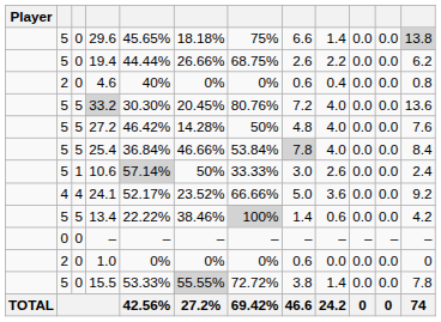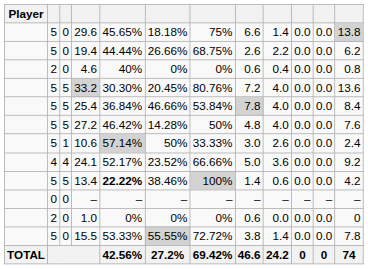 <table class="wikitable sortable" style="font-size:95%; text-align:right;">
 <tr>
 <th>Player</th>
 <th></th>
 <th></th>
 <th></th>
 <th></th>
 <th></th>
 <th></th>
 <th></th>
 <th></th>
 <th></th>
 <th></th>
 <th></th>
 </tr>
 <tr>
 <td></td>
 <td>5</td>
 <td>0</td>
 <td>29.6</td>
 <td>45.65%</td>
 <td>18.18%</td>
 <td>75%</td>
 <td>6.6</td>
 <td>1.4</td>
 <td>0.0</td>
 <td>0.0</td>
 <td style="background:#D3D3D3;">13.8</td>
 </tr>
 <tr>
 <td></td>
 <td>5</td>
 <td>0</td>
 <td>19.4</td>
 <td>44.44%</td>
 <td>26.66%</td>
 <td>68.75%</td>
 <td>2.6</td>
 <td>2.2</td>
 <td>0.0</td>
 <td>0.0</td>
 <td>6.2</td>
 </tr>
 <tr>
 <td></td>
 <td>2</td>
 <td>0</td>
 <td>4.6</td>
 <td>40%</td>
 <td>0%</td>
 <td>0%</td>
 <td>0.6</td>
 <td>0.4</td>
 <td>0.0</td>
 <td>0.0</td>
 <td>0.8</td>
 </tr>
 <tr>
 <td></td>
 <td>5</td>
 <td>5</td>
 <td style="background:#D3D3D3;">33.2</td>
 <td>30.30%</td>
 <td>20.45%</td>
 <td>80.76%</td>
 <td>7.2</td>
 <td>4.0</td>
 <td>0.0</td>
 <td>0.0</td>
 <td>13.6</td>
 </tr>
 <tr>
 <td></td>
 <td>5</td>
 <td>5</td>
+<td>25.4</td>
+<td>36.84%</td>
+<td>46.66%</td>
+<td>53.84%</td>
+<td style="background:#D3D3D3;">7.8</td>
+<td>4.0</td>
+<td>0.0</td>
+<td>0.0</td>
+<td>8.4</td>
+</tr>
+<tr>
+<td></td>
+<td>5</td>
+<td>5</td>
 <td>27.2</td>
 <td>46.42%</td>
 <td>14.28%</td>
 <td>50%</td>
 <td>4.8</td>
 <td>4.0</td>
 <td>0.0</td>
 <td>0.0</td>
 <td>7.6</td>
-</tr>
-<tr>
-<td></td>
-<td>5</td>
-<td>5</td>
-<td>25.4</td>
-<td>36.84%</td>
-<td>46.66%</td>
-<td>53.84%</td>
-<td style="background:#D3D3D3;">7.8</td>
-<td>4.0</td>
-<td>0.0</td>
-<td>0.0</td>
-<td>8.4</td>
 </tr>
 <tr>
 <td></td>
 <td>5</td>
 <td>1</td>
 <td>10.6</td>
 <td style="background:#D3D3D3;">57.14%</td>
 <td>50%</td>
 <td>33.33%</td>
 <td>3.0</td>
 <td>2.6</td>
 <td>0.0</td>
 <td>0.0</td>
 <td>2.4</td>
 </tr>
 <tr>
 <td></td>
 <td>4</td>
 <td>4</td>
 <td>24.1</td>
 <td>52.17%</td>
 <td>23.52%</td>
 <td>66.66%</td>
 <td>5.0</td>
 <td>3.6</td>
 <td>0.0</td>
 <td>0.0</td>
 <td>9.2</td>
 </tr>
 <tr>
 <td></td>
 <td>5</td>
 <td>5</td>
 <td>13.4</td>
-<td>22.22%</td>
+<td><strong>22.22%</strong></td>
 <td>38.46%</td>
 <td style="background:#D3D3D3;">100%</td>
 <td>1.4</td>
 <td>0.6</td>
 <td>0.0</td>
 <td>0.0</td>
 <td>4.2</td>
 </tr>
 <tr>
 <td></td>
 <td>0</td>
 <td>0</td>
 <td>–</td>
 <td>–</td>
 <td>–</td>
 <td>–</td>
 <td>–</td>
 <td>–</td>
 <td>–</td>
 <td>–</td>
 <td>–</td>
 </tr>
 <tr>
 <td></td>
 <td>2</td>
 <td>0</td>
 <td>1.0</td>
 <td>0%</td>
 <td>0%</td>
 <td>0%</td>
 <td>0.6</td>
 <td>0.0</td>
 <td>0.0</td>
 <td>0.0</td>
 <td>0</td>
 </tr>
 <tr>
 <td></td>
 <td>5</td>
 <td>0</td>
 <td>15.5</td>
 <td>53.33%</td>
 <td style="background:#D3D3D3;">55.55%</td>
 <td>72.72%</td>
 <td>3.8</td>
 <td>1.4</td>
 <td>0.0</td>
 <td>0.0</td>
 <td>7.8</td>
 </tr>
 <tr>
 <th align=center><strong>TOTAL</strong></th>
 <th colspan=3></th>
 <th>42.56%</th>
 <th>27.2%</th>
 <th>69.42%</th>
 <th>46.6</th>
 <th>24.2</th>
 <th>0</th>
 <th>0</th>
 <th>74</th>
 </tr>
 </table>
